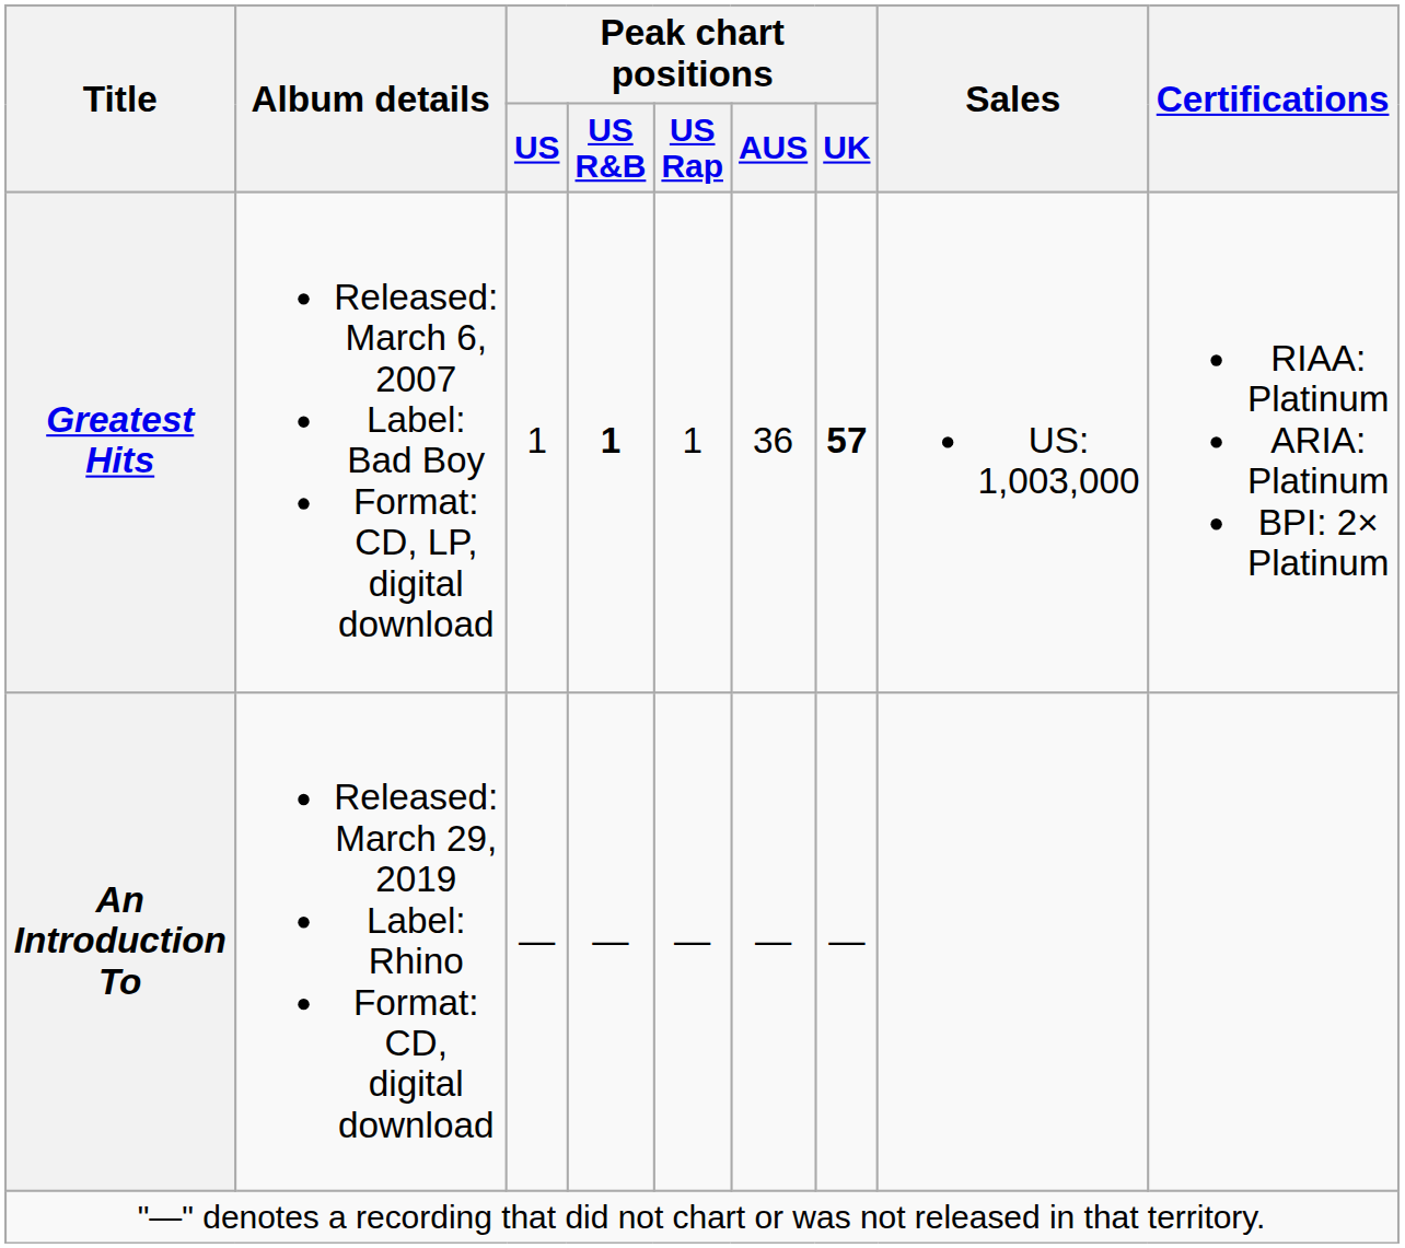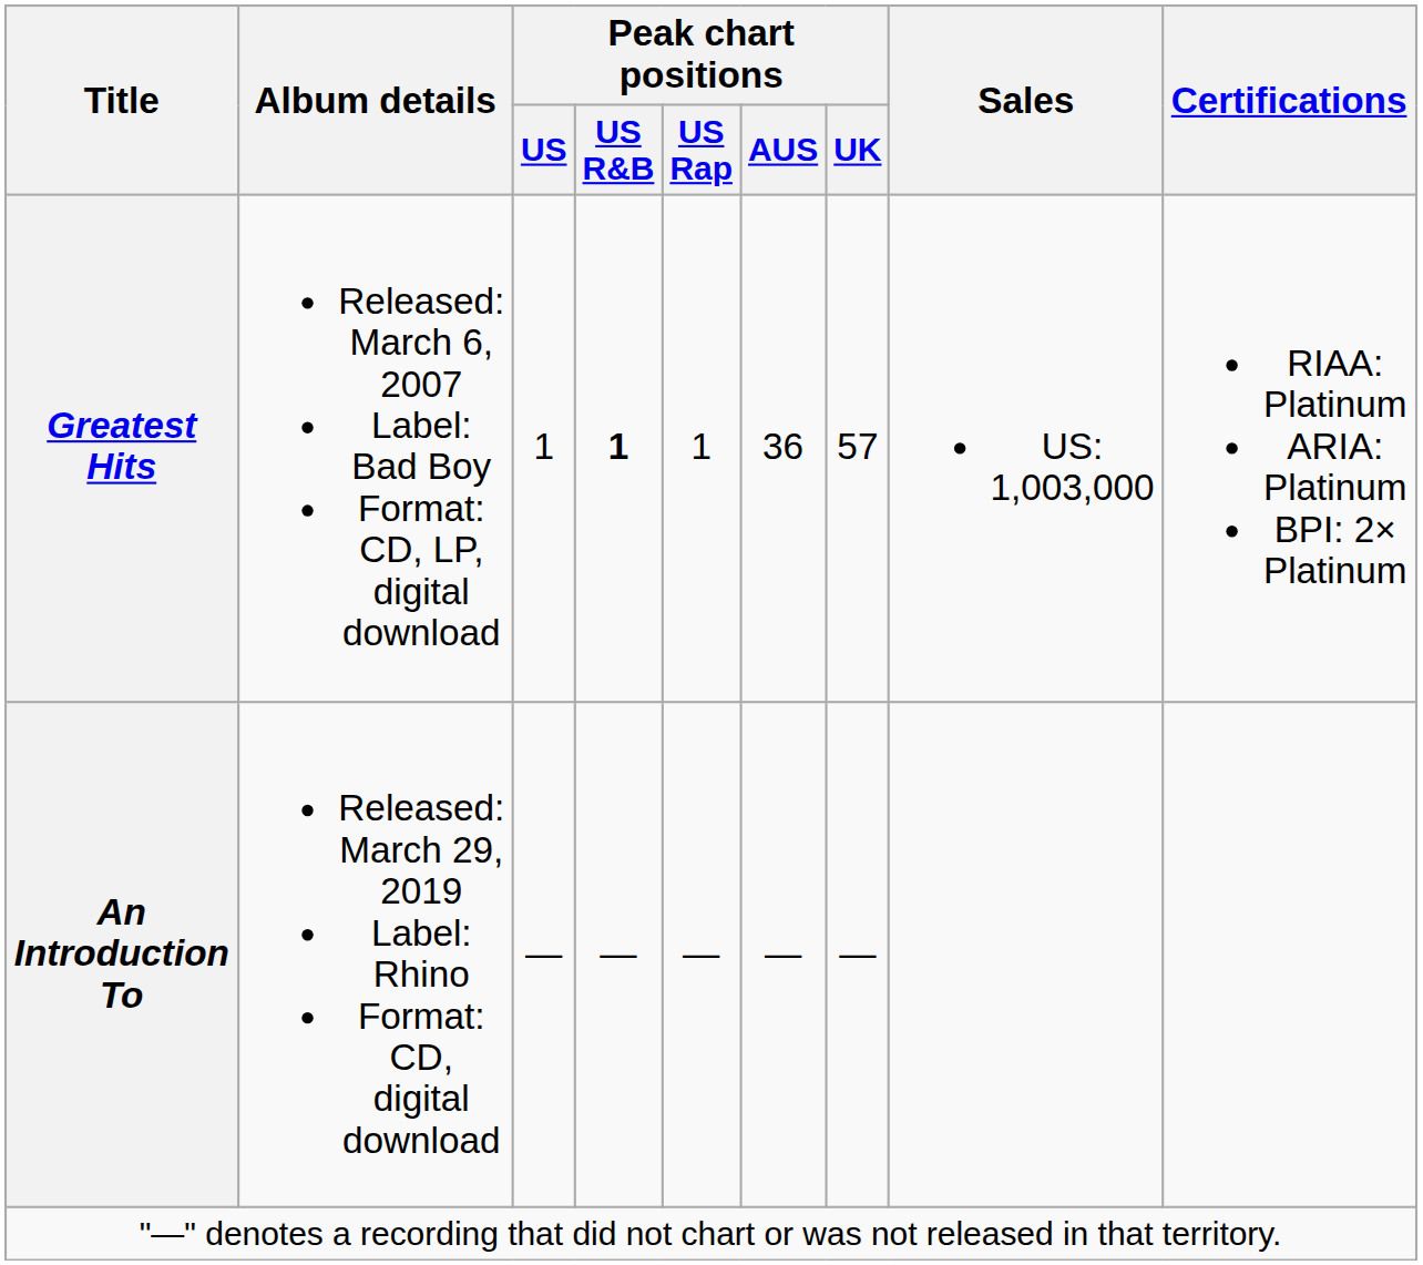 <table class="wikitable plainrowheaders" style="text-align:center;" border="1">
 <tr>
 <th scope="col" rowspan="2" style="width:12em;">Title</th>
 <th scope="col" rowspan="2" style="width:16em;">Album details</th>
 <th scope="col" colspan="5">Peak chart positions</th>
 <th scope="col" rowspan="2" style="width:12em;">Sales</th>
 <th scope="col" rowspan="2" style="width:12em;"><a href='#'>Certifications</a></th>
 </tr>
 <tr>
 <th scope="col" style="width:3em;font-size:90%;"><a href='#'>US</a><br></th>
 <th scope="col" style="width:3em;font-size:90%;"><a href='#'>US R&B</a><br></th>
 <th scope="col" style="width:3em;font-size:90%;"><a href='#'>US Rap</a><br></th>
 <th scope="col" style="width:3em;font-size:90%;"><a href='#'>AUS</a><br></th>
 <th scope="col" style="width:3em;font-size:90%;"><a href='#'>UK</a><br></th>
 </tr>
 <tr>
 <th scope="row"><em><a href='#'>Greatest Hits</a></em></th>
 <td><br><ul><li>Released: March 6, 2007</li><li>Label: Bad Boy</li><li>Format: CD, LP, digital download</li></ul></td>
 <td>1</td>
 <td><strong>1</strong></td>
 <td>1</td>
 <td>36</td>
-<td><strong>57</strong></td>
+<td>57</td>
 <td><br><ul><li>US: 1,003,000</li></ul></td>
 <td><br><ul><li>RIAA: Platinum</li><li>ARIA: Platinum</li><li>BPI: 2× Platinum</li></ul></td>
 </tr>
 <tr>
 <th scope="row"><em>An Introduction To</em></th>
 <td><br><ul><li>Released: March 29, 2019</li><li>Label: Rhino</li><li>Format: CD, digital download</li></ul></td>
 <td>—</td>
 <td>—</td>
 <td>—</td>
 <td>—</td>
 <td>—</td>
 <td></td>
 <td></td>
 </tr>
 <tr>
 <td colspan="15" style="font-size:90%">"—" denotes a recording that did not chart or was not released in that territory.</td>
 </tr>
 </table>
